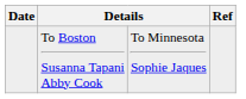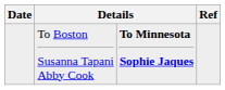 <table class="wikitable">
 <tr>
 <th>Date</th>
 <th colspan="2">Details</th>
 <th>Ref</th>
 </tr>
 <tr style="background:#eee;">
 <td></td>
 <td valign="top">To <a href='#'>Boston</a><hr><a href='#'>Susanna Tapani</a><br><a href='#'>Abby Cook</a></td>
-<td valign="top">To Minnesota<hr><a href='#'>Sophie Jaques</a></td>
+<td valign="top"><strong>To Minnesota<hr><a href='#'>Sophie Jaques</a></strong></td>
 <td></td>
 </tr>
 </table>
